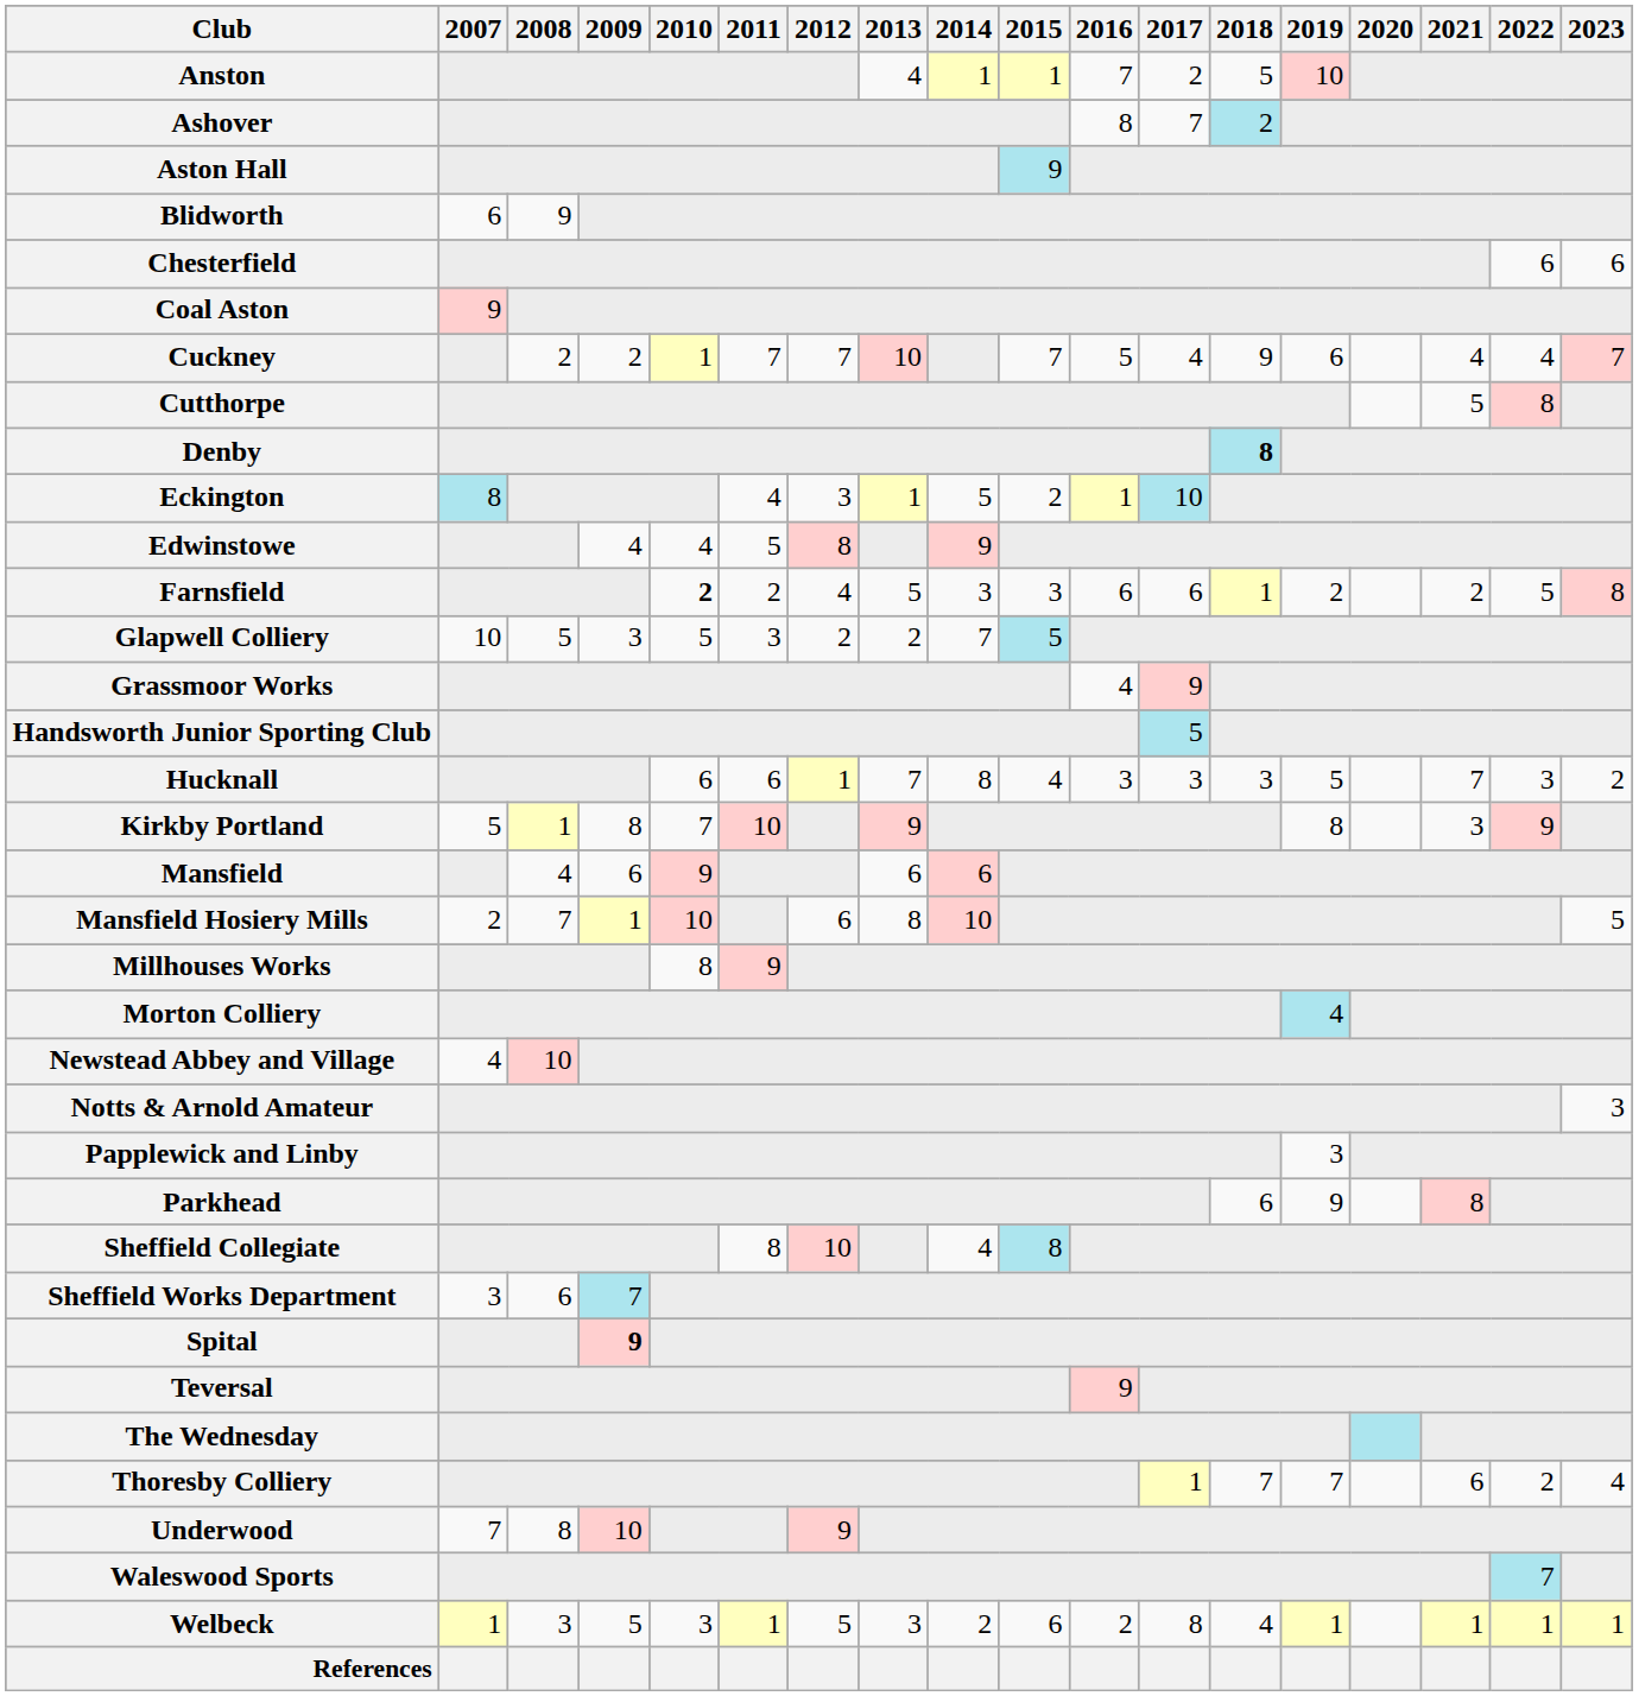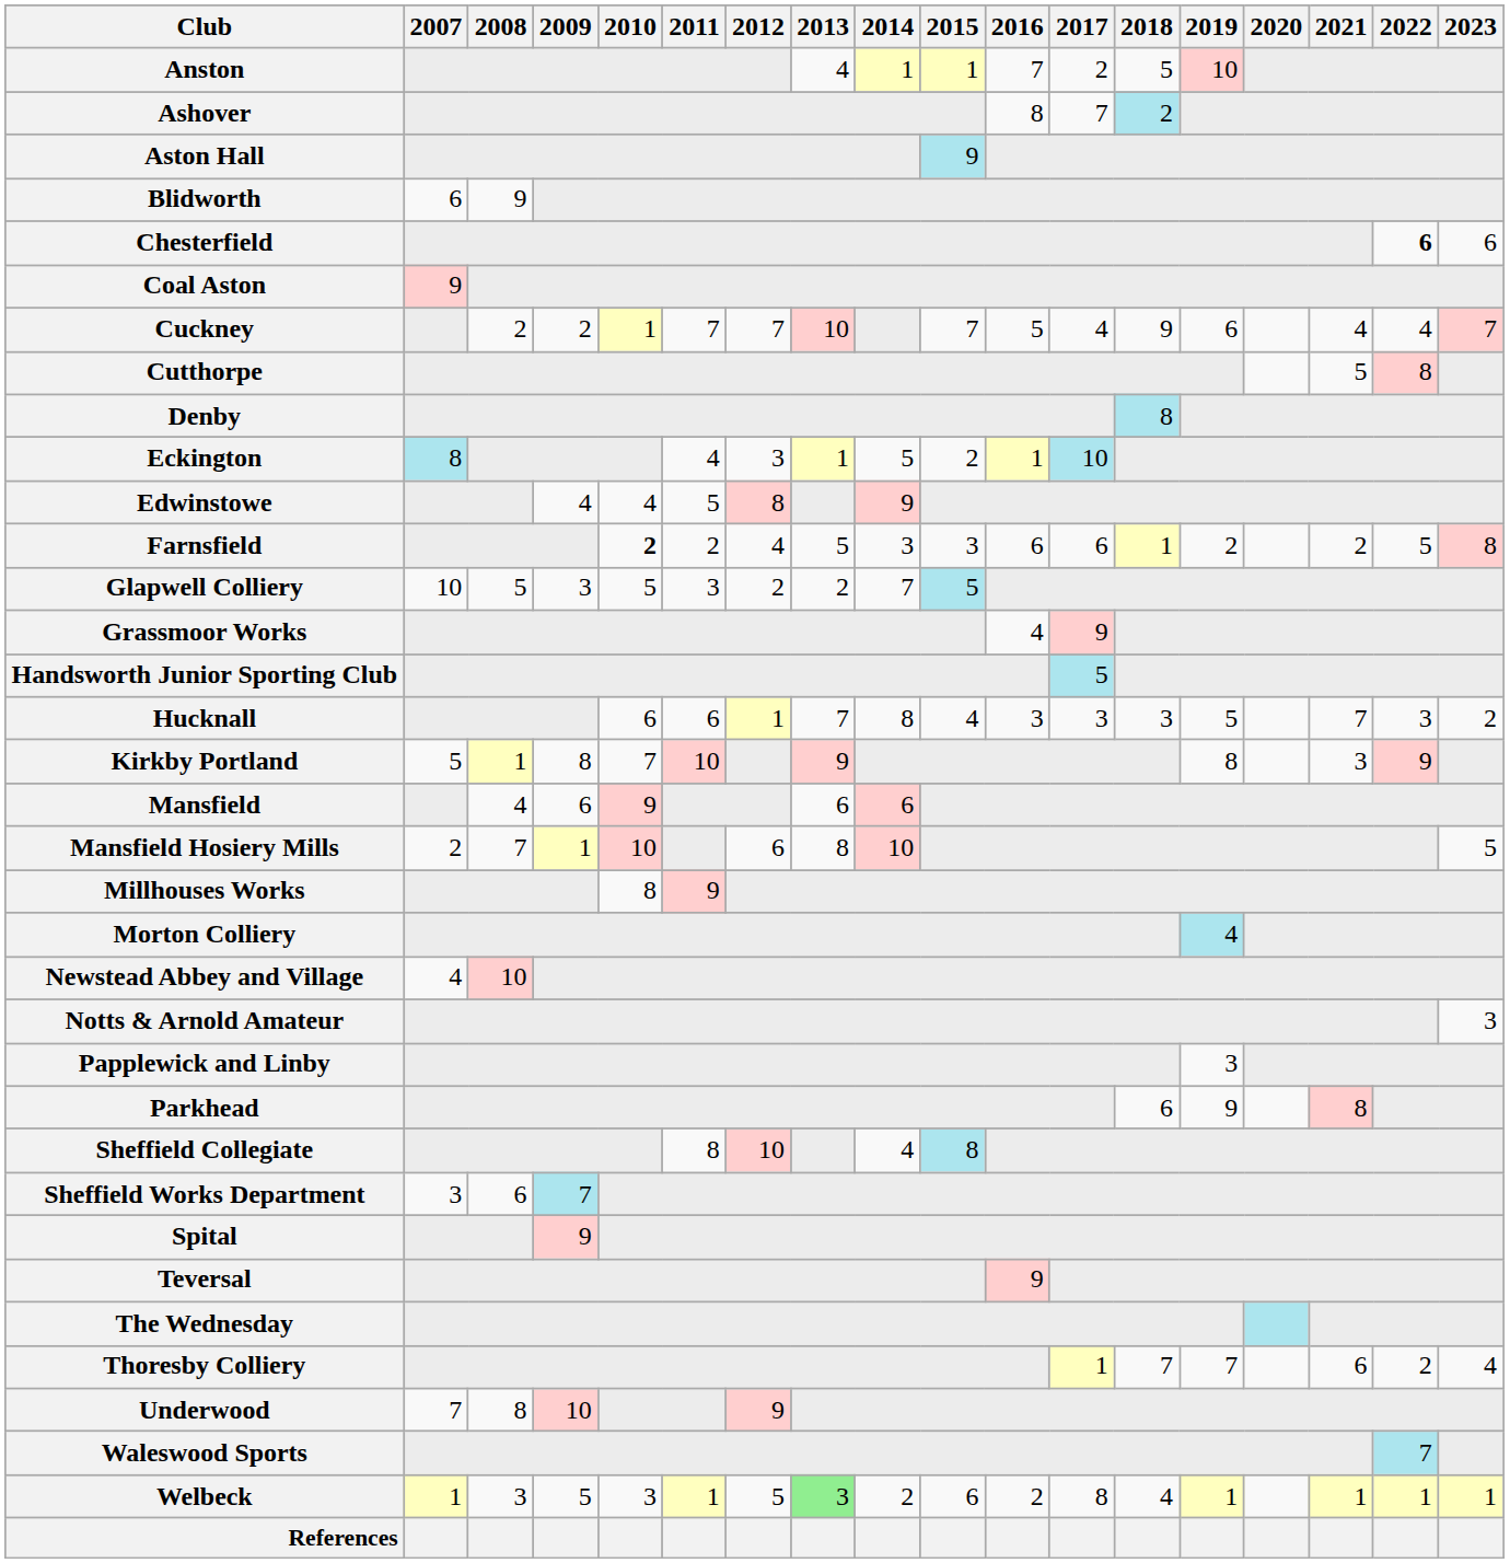 <table class="wikitable plainrowheaders" style="font-size:85%; text-align: right;">
 <tr>
 <th scope="col">Club</th>
 <th scope="col">2007</th>
 <th scope="col">2008</th>
 <th scope="col">2009</th>
 <th scope="col">2010</th>
 <th scope="col">2011</th>
 <th scope="col">2012</th>
 <th scope="col">2013</th>
 <th scope="col">2014</th>
 <th scope="col">2015</th>
 <th scope="col">2016</th>
 <th scope="col">2017</th>
 <th scope="col">2018</th>
 <th scope="col">2019</th>
 <th scope="col">2020</th>
 <th scope="col">2021</th>
 <th scope="col">2022</th>
 <th scope="col">2023</th>
 </tr>
 <tr>
 <th scope="row">Anston</th>
 <td bgcolor="#ececec" colspan="6"></td>
 <td>4</td>
 <td bgcolor="#ffffbf">1</td>
 <td bgcolor="#ffffbf">1</td>
 <td>7</td>
 <td>2</td>
 <td>5</td>
 <td bgcolor="#ffcfcf">10</td>
 <td bgcolor="#ececec" colspan="43"></td>
 </tr>
 <tr>
 <th scope="row">Ashover</th>
 <td bgcolor="#ececec" colspan="9"></td>
 <td>8</td>
 <td>7</td>
 <td bgcolor="#ace5ee">2</td>
 <td bgcolor="#ececec" colspan="5"></td>
 </tr>
 <tr>
 <th scope="row">Aston Hall</th>
 <td bgcolor="#ececec" colspan="8"></td>
 <td bgcolor="#ace5ee">9</td>
 <td bgcolor="#ececec" colspan="8"></td>
 </tr>
 <tr>
 <th scope="row">Blidworth</th>
 <td>6</td>
 <td>9</td>
 <td bgcolor="#ececec" colspan="15"></td>
 </tr>
 <tr>
 <th scope="row">Chesterfield</th>
 <td bgcolor="#ececec" colspan="15"></td>
-<td>6</td>
+<td><strong>6</strong></td>
 <td>6</td>
 </tr>
 <tr>
 <th scope="row">Coal Aston</th>
 <td bgcolor="#ffcfcf">9</td>
 <td bgcolor="#ececec" colspan="16"></td>
 </tr>
 <tr>
 <th scope="row">Cuckney</th>
 <td bgcolor="#ececec"></td>
 <td>2</td>
 <td>2</td>
 <td bgcolor="#ffffbf">1</td>
 <td>7</td>
 <td>7</td>
 <td bgcolor="#ffcfcf">10</td>
 <td bgcolor="#ececec"></td>
 <td>7</td>
 <td>5</td>
 <td>4</td>
 <td>9</td>
 <td>6</td>
 <td></td>
 <td>4</td>
 <td>4</td>
 <td bgcolor="#ffcfcf">7</td>
 </tr>
 <tr>
 <th scope="row">Cutthorpe</th>
 <td bgcolor="#ececec" colspan="13"></td>
 <td></td>
 <td>5</td>
 <td bgcolor="#ffcfcf">8</td>
 <td bgcolor="#ececec" colspan="1"></td>
 </tr>
 <tr>
 <th scope="row">Denby</th>
 <td bgcolor="#ececec" colspan="11"></td>
-<td bgcolor="#ace5ee"><strong>8</strong></td>
+<td bgcolor="#ace5ee">8</td>
 <td bgcolor="#ececec" colspan="5"></td>
 </tr>
 <tr>
 <th scope="row">Eckington</th>
 <td bgcolor="#ace5ee">8</td>
 <td bgcolor="#ececec" colspan="3"></td>
 <td>4</td>
 <td>3</td>
 <td bgcolor="#ffffbf">1</td>
 <td>5</td>
 <td>2</td>
 <td bgcolor="#ffffbf">1</td>
 <td bgcolor="#ace5ee">10</td>
 <td bgcolor="#ececec" colspan="6"></td>
 </tr>
 <tr>
 <th scope="row">Edwinstowe</th>
 <td bgcolor="#ececec" colspan="2"></td>
 <td>4</td>
 <td>4</td>
 <td>5</td>
 <td bgcolor="#ffcfcf">8</td>
 <td bgcolor="#ececec"></td>
 <td bgcolor="#ffcfcf">9</td>
 <td bgcolor="#ececec" colspan="9"></td>
 </tr>
 <tr>
 <th scope="row">Farnsfield</th>
 <td bgcolor="#ececec" colspan="3"></td>
 <td><strong>2</strong></td>
 <td>2</td>
 <td>4</td>
 <td>5</td>
 <td>3</td>
 <td>3</td>
 <td>6</td>
 <td>6</td>
 <td bgcolor="#ffffbf">1</td>
 <td>2</td>
 <td></td>
 <td>2</td>
 <td>5</td>
 <td bgcolor="#ffcfcf">8</td>
 </tr>
 <tr>
 <th scope="row">Glapwell Colliery</th>
 <td>10</td>
 <td>5</td>
 <td>3</td>
 <td>5</td>
 <td>3</td>
 <td>2</td>
 <td>2</td>
 <td>7</td>
 <td bgcolor="#ace5ee">5</td>
 <td bgcolor="#ececec" colspan="8"></td>
 </tr>
 <tr>
 <th scope="row">Grassmoor Works</th>
 <td bgcolor="#ececec" colspan="9"></td>
 <td>4</td>
 <td bgcolor="#ffcfcf">9</td>
 <td bgcolor="#ececec" colspan="6"></td>
 </tr>
 <tr>
 <th scope="row">Handsworth Junior Sporting Club</th>
 <td bgcolor="#ececec" colspan="10"></td>
 <td bgcolor="#ace5ee">5</td>
 <td bgcolor="#ececec" colspan="6"></td>
 </tr>
 <tr>
 <th scope="row">Hucknall</th>
 <td bgcolor="#ececec" colspan="3"></td>
 <td>6</td>
 <td>6</td>
 <td bgcolor="#ffffbf">1</td>
 <td>7</td>
 <td>8</td>
 <td>4</td>
 <td>3</td>
 <td>3</td>
 <td>3</td>
 <td>5</td>
 <td></td>
 <td>7</td>
 <td>3</td>
 <td>2</td>
 </tr>
 <tr>
 <th scope="row">Kirkby Portland</th>
 <td>5</td>
 <td bgcolor="#ffffbf">1</td>
 <td>8</td>
 <td>7</td>
 <td bgcolor="#ffcfcf">10</td>
 <td bgcolor="#ececec"></td>
 <td bgcolor="#ffcfcf">9</td>
 <td bgcolor="#ececec" colspan="5"></td>
 <td>8</td>
 <td></td>
 <td>3</td>
 <td bgcolor="#ffcfcf">9</td>
 <td bgcolor="#ececec" colspan="1"></td>
 </tr>
 <tr>
 <th scope="row">Mansfield</th>
 <td bgcolor="#ececec"></td>
 <td>4</td>
 <td>6</td>
 <td bgcolor="#ffcfcf">9</td>
 <td bgcolor="#ececec" colspan="2"></td>
 <td>6</td>
 <td bgcolor="#ffcfcf">6</td>
 <td bgcolor="#ececec" colspan="9"></td>
 </tr>
 <tr>
 <th scope="row">Mansfield Hosiery Mills</th>
 <td>2</td>
 <td>7</td>
 <td bgcolor="#ffffbf">1</td>
 <td bgcolor="#ffcfcf">10</td>
 <td bgcolor="#ececec"></td>
 <td>6</td>
 <td>8</td>
 <td bgcolor="#ffcfcf">10</td>
 <td bgcolor="#ececec" colspan="8"></td>
 <td>5</td>
 </tr>
 <tr>
 <th scope="row">Millhouses Works</th>
 <td bgcolor="#ececec" colspan="3"></td>
 <td>8</td>
 <td bgcolor="#ffcfcf">9</td>
 <td bgcolor="#ececec" colspan="12"></td>
 </tr>
 <tr>
 <th scope="row">Morton Colliery</th>
 <td bgcolor="#ececec" colspan="12"></td>
 <td bgcolor="#ace5ee">4</td>
 <td bgcolor="#ececec" colspan="4"></td>
 </tr>
 <tr>
 <th scope="row">Newstead Abbey and Village</th>
 <td style="text-align: right;">4</td>
 <td bgcolor="#ffcfcf">10</td>
 <td bgcolor="#ececec" colspan="15"></td>
 </tr>
 <tr>
 <th scope="row">Notts & Arnold Amateur</th>
 <td bgcolor="#ececec" colspan="16"></td>
 <td>3</td>
 </tr>
 <tr>
 <th scope="row">Papplewick and Linby</th>
 <td bgcolor="#ececec" colspan="12"></td>
 <td>3</td>
 <td bgcolor="#ececec" colspan="4"></td>
 </tr>
 <tr>
 <th scope="row">Parkhead</th>
 <td bgcolor="#ececec" colspan="11"></td>
 <td>6</td>
 <td>9</td>
 <td></td>
 <td bgcolor="#ffcfcf">8</td>
 <td bgcolor="#ececec" colspan="2"></td>
 </tr>
 <tr>
 <th scope="row">Sheffield Collegiate</th>
 <td bgcolor="#ececec" colspan="4"></td>
 <td>8</td>
 <td bgcolor="#ffcfcf">10</td>
 <td bgcolor="#ececec"></td>
 <td>4</td>
 <td bgcolor="#ace5ee">8</td>
 <td bgcolor="#ececec" colspan="8"></td>
 </tr>
 <tr>
 <th scope="row">Sheffield Works Department</th>
 <td>3</td>
 <td>6</td>
 <td bgcolor="#ace5ee">7</td>
 <td bgcolor="#ececec" colspan="14"></td>
 </tr>
 <tr>
 <th scope="row">Spital</th>
 <td bgcolor="#ececec" colspan="2"></td>
-<td bgcolor="#ffcfcf"><strong>9</strong></td>
+<td bgcolor="#ffcfcf">9</td>
 <td bgcolor="#ececec" colspan="14"></td>
 </tr>
 <tr>
 <th scope="row">Teversal</th>
 <td bgcolor="#ececec" colspan="9"></td>
 <td bgcolor="#ffcfcf">9</td>
 <td bgcolor="#ececec" colspan="7"></td>
 </tr>
 <tr>
 <th scope="row">The Wednesday</th>
 <td bgcolor="#ececec" colspan="13"></td>
 <td bgcolor="#ace5ee"></td>
 <td bgcolor="#ececec" colspan="3"></td>
 </tr>
 <tr>
 <th scope="row">Thoresby Colliery</th>
 <td bgcolor="#ececec" colspan="10"></td>
 <td bgcolor="#ffffbf">1</td>
 <td>7</td>
 <td>7</td>
 <td></td>
 <td>6</td>
 <td>2</td>
 <td>4</td>
 </tr>
 <tr>
 <th scope="row">Underwood</th>
 <td>7</td>
 <td>8</td>
 <td bgcolor="#ffcfcf">10</td>
 <td bgcolor="#ececec" colspan="2"></td>
 <td bgcolor="#ffcfcf">9</td>
 <td bgcolor="#ececec" colspan="11"></td>
 </tr>
 <tr>
 <th scope="row">Waleswood Sports</th>
 <td bgcolor="#ececec" colspan="15"></td>
 <td bgcolor="#ace5ee">7</td>
 <td bgcolor="#ececec" colspan="1"></td>
 </tr>
 <tr>
 <th scope="row">Welbeck</th>
 <td bgcolor="#ffffbf">1</td>
 <td>3</td>
 <td>5</td>
 <td>3</td>
 <td bgcolor="#ffffbf">1</td>
 <td>5</td>
-<td>3</td>
+<td style="background: lightgreen;">3</td>
 <td>2</td>
 <td>6</td>
 <td>2</td>
 <td>8</td>
 <td>4</td>
 <td bgcolor="#ffffbf">1</td>
 <td></td>
 <td bgcolor="#ffffbf">1</td>
 <td bgcolor="#ffffbf">1</td>
 <td bgcolor="#ffffbf">1</td>
 </tr>
 <tr style="font-size:90%; text-align:center">
 <th scope="row" style="text-align: right">References</th>
 <th scope="col"></th>
 <th scope="col"></th>
 <th scope="col"></th>
 <th scope="col"></th>
 <th scope="col"></th>
 <th scope="col"></th>
 <th scope="col"></th>
 <th scope="col"></th>
 <th scope="col"></th>
 <th scope="col"></th>
 <th scope="col"></th>
 <th scope="col"></th>
 <th scope="col"></th>
 <th scope="col"></th>
 <th scope="col"></th>
 <th scope="col"></th>
 <th scope="col"></th>
 </tr>
 </table>
